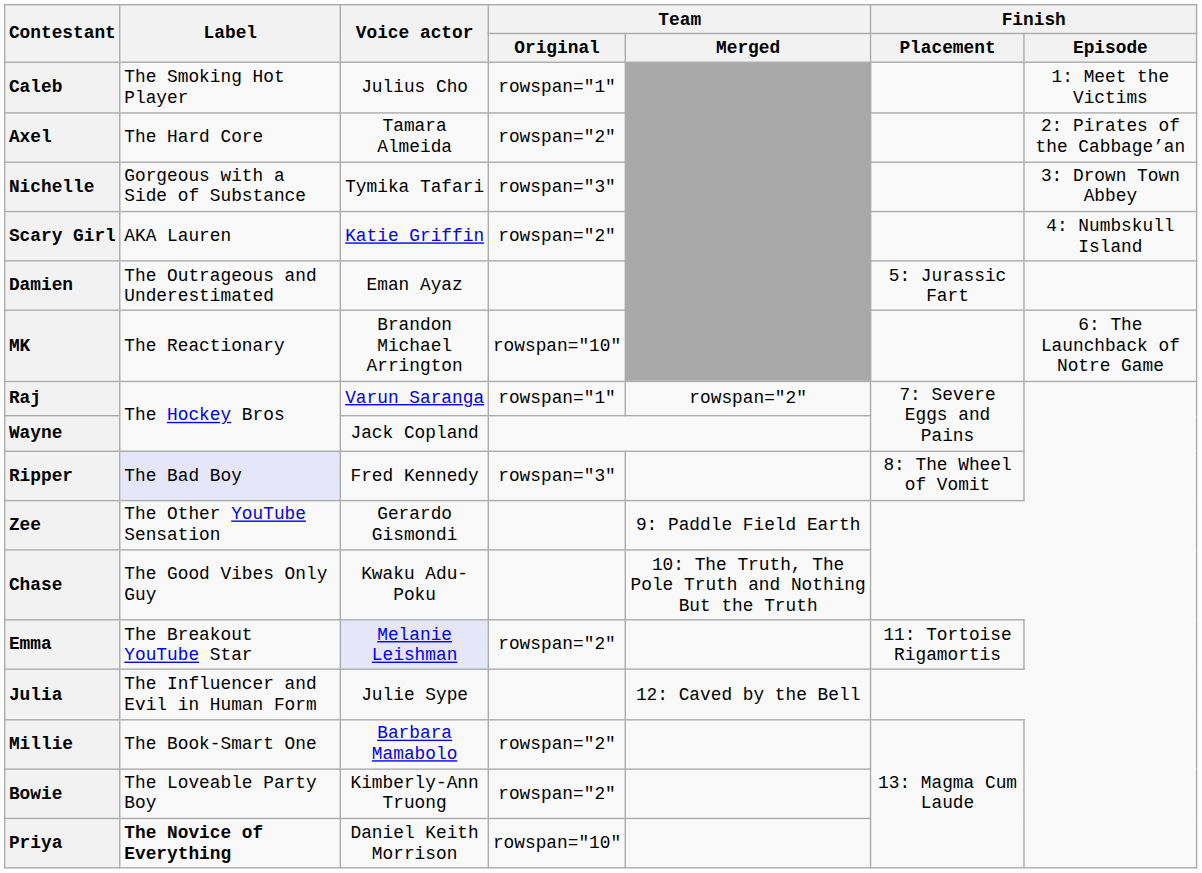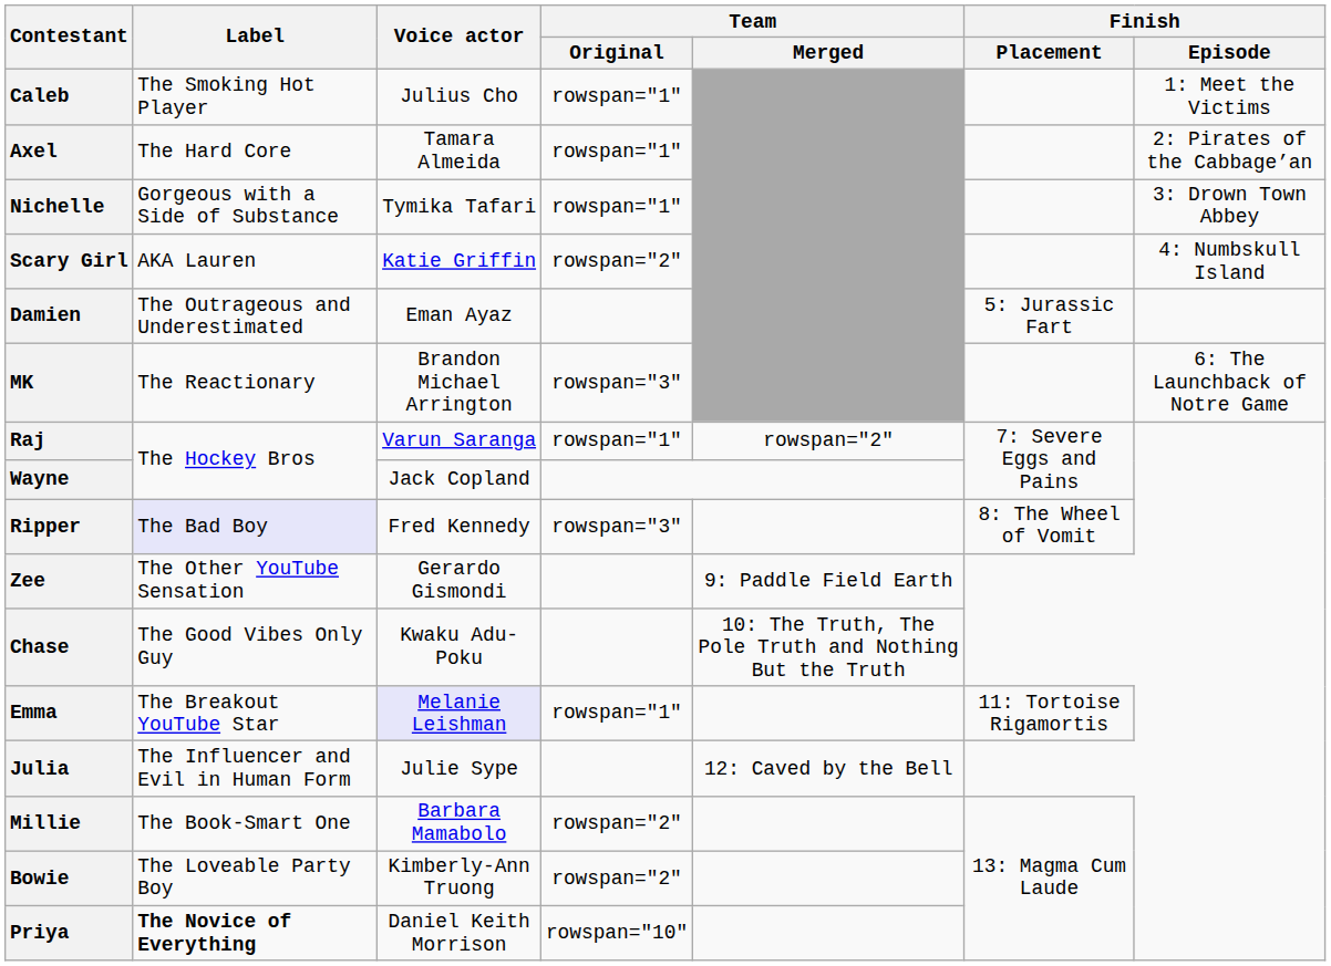 <table class="wikitable sortable" style="text-align:center;">
 <tr>
 <th rowspan="2" scope="col">Contestant</th>
 <th rowspan="2" scope="col" class="unsortable">Label</th>
 <th rowspan="2" scope="col" class="unsortable">Voice actor</th>
 <th colspan="2" scope="colgroup">Team</th>
 <th colspan="2" scope="colgroup">Finish</th>
 </tr>
 <tr>
 <th scope="col">Original</th>
 <th scope="col" class="unsortable">Merged</th>
 <th scope="col" class="unsortable">Placement</th>
 <th scope="col" class="unsortable">Episode</th>
 </tr>
 <tr>
 <th scope="row" style="text-align:left;">Caleb</th>
 <td scope="row" style="text-align:left;">The Smoking Hot Player</td>
 <td>Julius Cho</td>
 <td>rowspan="1" </td>
 <td rowspan="6" style="background:darkgray;"></td>
 <td></td>
 <td>1: Meet the Victims</td>
 </tr>
 <tr>
 <th scope="row" style="text-align:left;">Axel</th>
 <td scope="row" style="text-align:left;">The Hard Core</td>
 <td>Tamara Almeida</td>
-<td>rowspan="2" </td>
+<td>rowspan="1" </td>
 <td></td>
 <td>2: Pirates of the Cabbage’an</td>
 </tr>
 <tr>
 <th scope="row" style="text-align:left;">Nichelle</th>
 <td scope="row" style="text-align:left;">Gorgeous with a Side of Substance</td>
 <td>Tymika Tafari</td>
-<td>rowspan="3" </td>
+<td>rowspan="1" </td>
 <td></td>
 <td>3: Drown Town Abbey</td>
 </tr>
 <tr>
 <th scope="row" style="text-align:left;">Scary Girl</th>
 <td scope="row" style="text-align:left;">AKA Lauren</td>
 <td><a href='#'>Katie Griffin</a></td>
 <td>rowspan="2" </td>
 <td></td>
 <td>4: Numbskull Island</td>
 </tr>
 <tr>
 <th scope="row" style="text-align:left;">Damien</th>
 <td scope="row" style="text-align:left;">The Outrageous and Underestimated</td>
 <td>Eman Ayaz</td>
 <td></td>
 <td>5: Jurassic Fart</td>
 </tr>
 <tr>
 <th scope="row" style="text-align:left;">MK</th>
 <td scope="row" style="text-align:left;">The Reactionary</td>
 <td>Brandon Michael Arrington</td>
-<td>rowspan="10"  </td>
+<td>rowspan="3" </td>
 <td></td>
 <td>6: The Launchback of Notre Game</td>
 </tr>
 <tr>
 <th scope="row" style="text-align:left;">Raj</th>
 <td scope="row" style="text-align:left;" rowspan="2">The <a href='#'>Hockey</a> Bros</td>
 <td><a href='#'>Varun Saranga</a></td>
 <td>rowspan="1" </td>
 <td>rowspan="2" </td>
 <td rowspan="2">7: Severe Eggs and Pains</td>
 </tr>
 <tr>
 <th scope="row" style="text-align:left;">Wayne</th>
 <td>Jack Copland</td>
 </tr>
 <tr>
 <th scope="row" style="text-align:left;">Ripper</th>
 <td scope="row" style="background: lavender; text-align:left;">The Bad Boy</td>
 <td>Fred Kennedy</td>
 <td>rowspan="3" </td>
 <td></td>
 <td>8: The Wheel of Vomit</td>
 </tr>
 <tr>
 <th scope="row" style="text-align:left;">Zee</th>
 <td scope="row" style="text-align:left;">The Other <a href='#'>YouTube</a> Sensation</td>
 <td>Gerardo Gismondi</td>
 <td></td>
 <td>9: Paddle Field Earth</td>
 </tr>
 <tr>
 <th scope="row" style="text-align:left;">Chase</th>
 <td scope="row" style="text-align:left;">The Good Vibes Only Guy</td>
 <td>Kwaku Adu-Poku</td>
 <td></td>
 <td>10: The Truth, The Pole Truth and Nothing But the Truth</td>
 </tr>
 <tr>
 <th scope="row" style="text-align:left;">Emma</th>
 <td scope="row" style="text-align:left;">The Breakout <a href='#'>YouTube</a> Star</td>
 <td style="background: lavender;"><a href='#'>Melanie Leishman</a></td>
-<td>rowspan="2" </td>
+<td>rowspan="1" </td>
 <td></td>
 <td>11: Tortoise Rigamortis</td>
 </tr>
 <tr>
 <th scope="row" style="text-align:left;">Julia</th>
 <td scope="row" style="text-align:left;">The Influencer and Evil in Human Form</td>
 <td>Julie Sype</td>
 <td></td>
 <td>12: Caved by the Bell</td>
 </tr>
 <tr>
 <th scope="row" style="text-align:left;">Millie</th>
 <td scope="row" style="text-align:left;">The Book-Smart One</td>
 <td><a href='#'>Barbara Mamabolo</a></td>
 <td>rowspan="2" </td>
 <td></td>
 <td rowspan="3">13: Magma Cum Laude</td>
 </tr>
 <tr>
 <th scope="row" style="text-align:left;">Bowie</th>
 <td scope="row" style="text-align:left;">The Loveable Party Boy</td>
 <td>Kimberly-Ann Truong</td>
 <td>rowspan="2" </td>
 <td></td>
 </tr>
 <tr>
 <th scope="row" style="text-align:left;">Priya</th>
 <td scope="row" style="text-align:left;"><strong>The Novice of Everything</strong></td>
 <td>Daniel Keith Morrison</td>
 <td>rowspan="10"  </td>
 <td></td>
 </tr>
 </table>
